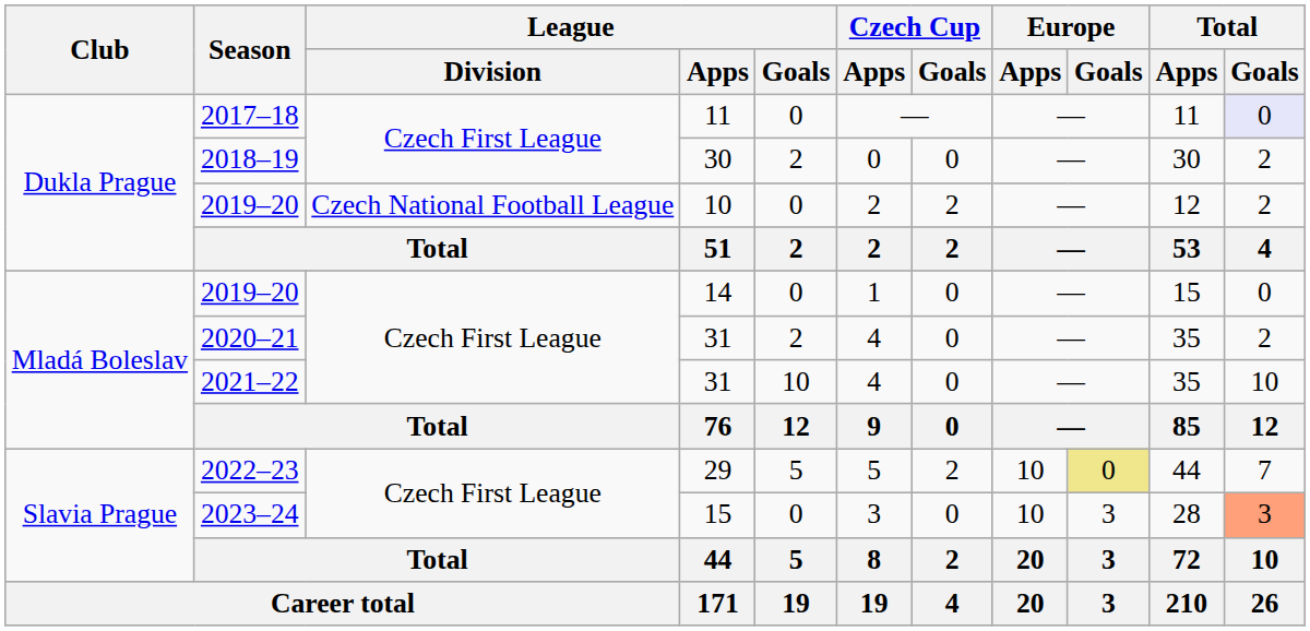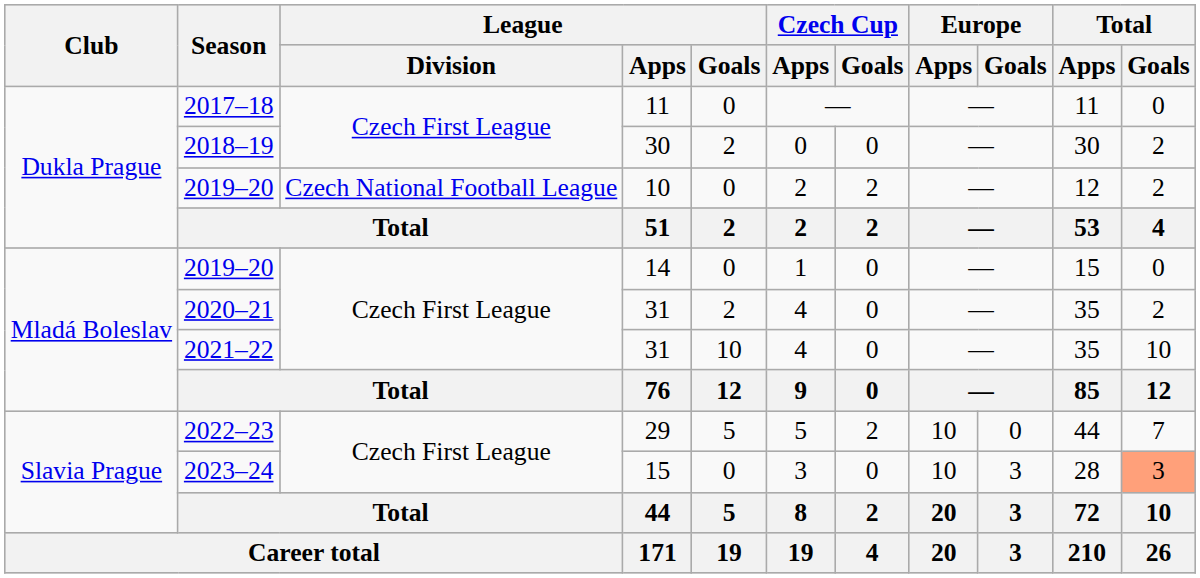 <table class="wikitable" style="text-align:center">
 <tr>
 <th rowspan=2>Club</th>
 <th rowspan=2>Season</th>
 <th colspan=3>League</th>
 <th colspan=2><a href='#'>Czech Cup</a></th>
 <th colspan=2>Europe</th>
 <th colspan=2>Total</th>
 </tr>
 <tr>
 <th>Division</th>
 <th>Apps</th>
 <th>Goals</th>
 <th>Apps</th>
 <th>Goals</th>
 <th>Apps</th>
 <th>Goals</th>
 <th>Apps</th>
 <th>Goals</th>
 </tr>
 <tr>
 <td rowspan="4"><a href='#'>Dukla Prague</a></td>
 <td><a href='#'>2017–18</a></td>
 <td rowspan="2"><a href='#'>Czech First League</a></td>
 <td>11</td>
 <td>0</td>
 <td colspan="2">—</td>
 <td colspan="2">—</td>
 <td>11</td>
-<td style="background: lavender;">0</td>
+<td>0</td>
 </tr>
 <tr>
 <td><a href='#'>2018–19</a></td>
 <td>30</td>
 <td>2</td>
 <td>0</td>
 <td>0</td>
 <td colspan="2">—</td>
 <td>30</td>
 <td>2</td>
 </tr>
 <tr>
 <td><a href='#'>2019–20</a></td>
 <td><a href='#'>Czech National Football League</a></td>
 <td>10</td>
 <td>0</td>
 <td>2</td>
 <td>2</td>
 <td colspan="2">—</td>
 <td>12</td>
 <td>2</td>
 </tr>
 <tr>
 <th colspan="2">Total</th>
 <th>51</th>
 <th>2</th>
 <th>2</th>
 <th>2</th>
 <th colspan="2">—</th>
 <th>53</th>
 <th>4</th>
 </tr>
 <tr>
 <td rowspan="4"><a href='#'>Mladá Boleslav</a></td>
 <td><a href='#'>2019–20</a></td>
 <td rowspan="3">Czech First League</td>
 <td>14</td>
 <td>0</td>
 <td>1</td>
 <td>0</td>
 <td colspan="2">—</td>
 <td>15</td>
 <td>0</td>
 </tr>
 <tr>
 <td><a href='#'>2020–21</a></td>
 <td>31</td>
 <td>2</td>
 <td>4</td>
 <td>0</td>
 <td colspan="2">—</td>
 <td>35</td>
 <td>2</td>
 </tr>
 <tr>
 <td><a href='#'>2021–22</a></td>
 <td>31</td>
 <td>10</td>
 <td>4</td>
 <td>0</td>
 <td colspan="2">—</td>
 <td>35</td>
 <td>10</td>
 </tr>
 <tr>
 <th colspan="2">Total</th>
 <th>76</th>
 <th>12</th>
 <th>9</th>
 <th>0</th>
 <th colspan="2">—</th>
 <th>85</th>
 <th>12</th>
 </tr>
 <tr>
 <td rowspan="3"><a href='#'>Slavia Prague</a></td>
 <td><a href='#'>2022–23</a></td>
 <td rowspan="2">Czech First League</td>
 <td>29</td>
 <td>5</td>
 <td>5</td>
 <td>2</td>
 <td>10</td>
-<td style="background: khaki;">0</td>
+<td>0</td>
 <td>44</td>
 <td>7</td>
 </tr>
 <tr>
 <td><a href='#'>2023–24</a></td>
 <td>15</td>
 <td>0</td>
 <td>3</td>
 <td>0</td>
 <td>10</td>
 <td>3</td>
 <td>28</td>
 <td style="background: lightsalmon;">3</td>
 </tr>
 <tr>
 <th colspan="2">Total</th>
 <th>44</th>
 <th>5</th>
 <th>8</th>
 <th>2</th>
 <th>20</th>
 <th>3</th>
 <th>72</th>
 <th>10</th>
 </tr>
 <tr>
 <th colspan="3">Career total</th>
 <th>171</th>
 <th>19</th>
 <th>19</th>
 <th>4</th>
 <th>20</th>
 <th>3</th>
 <th>210</th>
 <th>26</th>
 </tr>
 </table>
